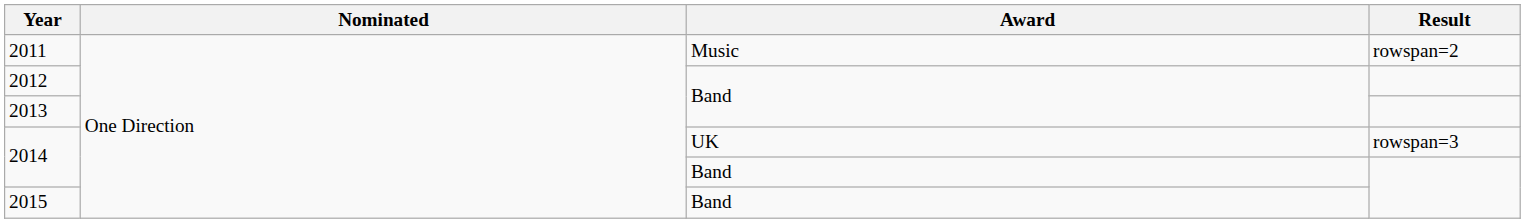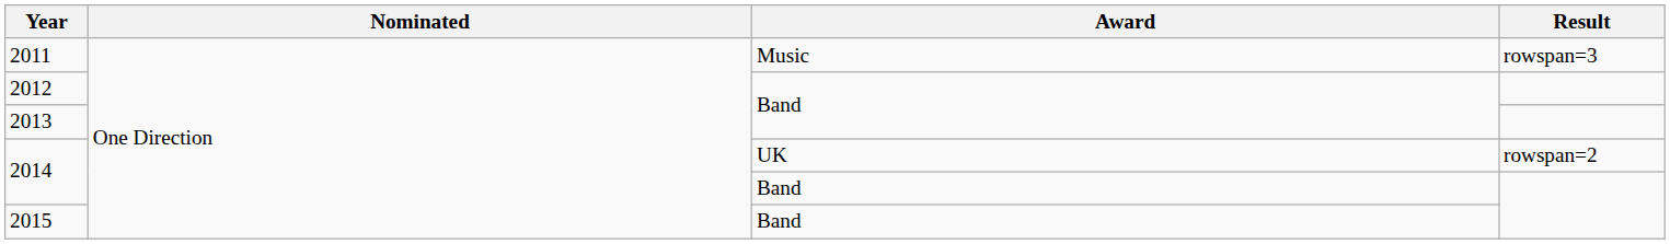 <table class="wikitable" style="width:100%;">
 <tr>
 <th width=5%>Year</th>
 <th style="width:40%;">Nominated</th>
 <th style="width:45%;">Award</th>
 <th style="width:10%;">Result</th>
 </tr>
 <tr>
 <td>2011</td>
 <td rowspan="6">One Direction</td>
 <td>Music</td>
-<td>rowspan=2 </td>
+<td>rowspan=3 </td>
 </tr>
 <tr>
 <td>2012</td>
 <td rowspan="2">Band</td>
 </tr>
 <tr>
 <td>2013</td>
 <td></td>
 </tr>
 <tr>
 <td rowspan="2">2014</td>
 <td>UK</td>
-<td>rowspan=3 </td>
+<td>rowspan=2 </td>
 </tr>
 <tr>
 <td>Band</td>
 </tr>
 <tr>
 <td>2015</td>
 <td>Band</td>
 </tr>
 </table>
